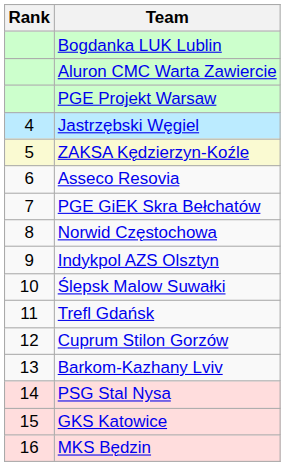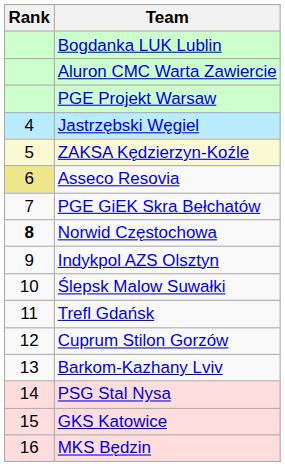 <table class="wikitable" style="white-space: nowrap; width:25%">
 <tr>
 <th width=15%>Rank</th>
 <th>Team</th>
 </tr>
 <tr bgcolor=#CCFFCC>
 <td style="text-align:center;"></td>
 <td><a href='#'>Bogdanka LUK Lublin</a></td>
 </tr>
 <tr bgcolor=#CCFFCC>
 <td style="text-align:center;"></td>
 <td><a href='#'>Aluron CMC Warta Zawiercie</a></td>
 </tr>
 <tr bgcolor=#CCFFCC>
 <td style="text-align:center;"></td>
 <td><a href='#'>PGE Projekt Warsaw</a></td>
 </tr>
 <tr bgcolor=#BBEBFF>
 <td style="text-align:center;">4</td>
 <td><a href='#'>Jastrzębski Węgiel</a></td>
 </tr>
 <tr bgcolor=#FAFAD2>
 <td style="text-align:center;">5</td>
 <td><a href='#'>ZAKSA Kędzierzyn-Koźle</a></td>
 </tr>
 <tr>
-<td style="text-align:center;">6</td>
+<td style="background: khaki; text-align:center;">6</td>
 <td><a href='#'>Asseco Resovia</a></td>
 </tr>
 <tr>
 <td style="text-align:center;">7</td>
 <td><a href='#'>PGE GiEK Skra Bełchatów</a></td>
 </tr>
 <tr>
-<td style="text-align:center;">8</td>
+<td style="text-align:center;"><strong>8</strong></td>
 <td><a href='#'>Norwid Częstochowa</a></td>
 </tr>
 <tr>
 <td style="text-align:center;">9</td>
 <td><a href='#'>Indykpol AZS Olsztyn</a></td>
 </tr>
 <tr>
 <td style="text-align:center;">10</td>
 <td><a href='#'>Ślepsk Malow Suwałki</a></td>
 </tr>
 <tr>
 <td style="text-align:center;">11</td>
 <td><a href='#'>Trefl Gdańsk</a></td>
 </tr>
 <tr>
 <td style="text-align:center;">12</td>
 <td><a href='#'>Cuprum Stilon Gorzów</a></td>
 </tr>
 <tr>
 <td style="text-align:center;">13</td>
 <td><a href='#'>Barkom-Kazhany Lviv</a></td>
 </tr>
 <tr bgcolor=#FFDDDD>
 <td style="text-align:center;">14</td>
 <td><a href='#'>PSG Stal Nysa</a></td>
 </tr>
 <tr bgcolor=#FFDDDD>
 <td style="text-align:center;">15</td>
 <td><a href='#'>GKS Katowice</a></td>
 </tr>
 <tr bgcolor=#FFDDDD>
 <td style="text-align:center;">16</td>
 <td><a href='#'>MKS Będzin</a></td>
 </tr>
 </table>
